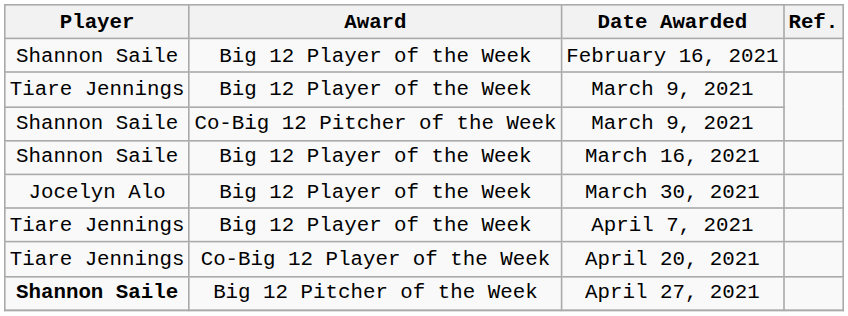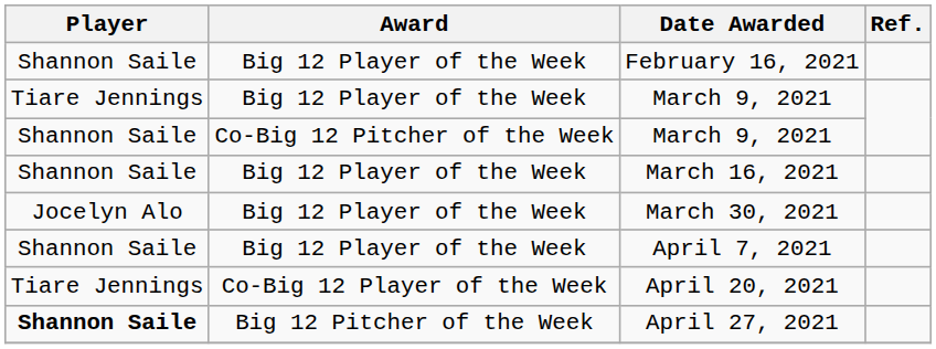 <table class="wikitable sortable sortable" style="text-align: center">
 <tr align=center>
 <th>Player</th>
 <th>Award</th>
 <th>Date Awarded</th>
 <th>Ref.</th>
 </tr>
 <tr>
 <td>Shannon Saile</td>
 <td>Big 12 Player of the Week</td>
 <td>February 16, 2021</td>
 <td></td>
 </tr>
 <tr>
 <td>Tiare Jennings</td>
 <td>Big 12 Player of the Week</td>
 <td>March 9, 2021</td>
 <td rowspan="2"></td>
 </tr>
 <tr>
 <td>Shannon Saile</td>
 <td>Co-Big 12 Pitcher of the Week</td>
 <td>March 9, 2021</td>
 </tr>
 <tr>
 <td>Shannon Saile</td>
 <td>Big 12 Player of the Week</td>
 <td>March 16, 2021</td>
 <td></td>
 </tr>
 <tr>
 <td>Jocelyn Alo</td>
 <td>Big 12 Player of the Week</td>
 <td>March 30, 2021</td>
 <td></td>
 </tr>
 <tr>
-<td>Tiare Jennings</td>
+<td>Shannon Saile</td>
 <td>Big 12 Player of the Week</td>
 <td>April 7, 2021</td>
 <td></td>
 </tr>
 <tr>
 <td>Tiare Jennings</td>
 <td>Co-Big 12 Player of the Week</td>
 <td>April 20, 2021</td>
 <td></td>
 </tr>
 <tr>
 <td><strong>Shannon Saile</strong></td>
 <td>Big 12 Pitcher of the Week</td>
 <td>April 27, 2021</td>
 <td></td>
 </tr>
 <tr>
 </tr>
 </table>
